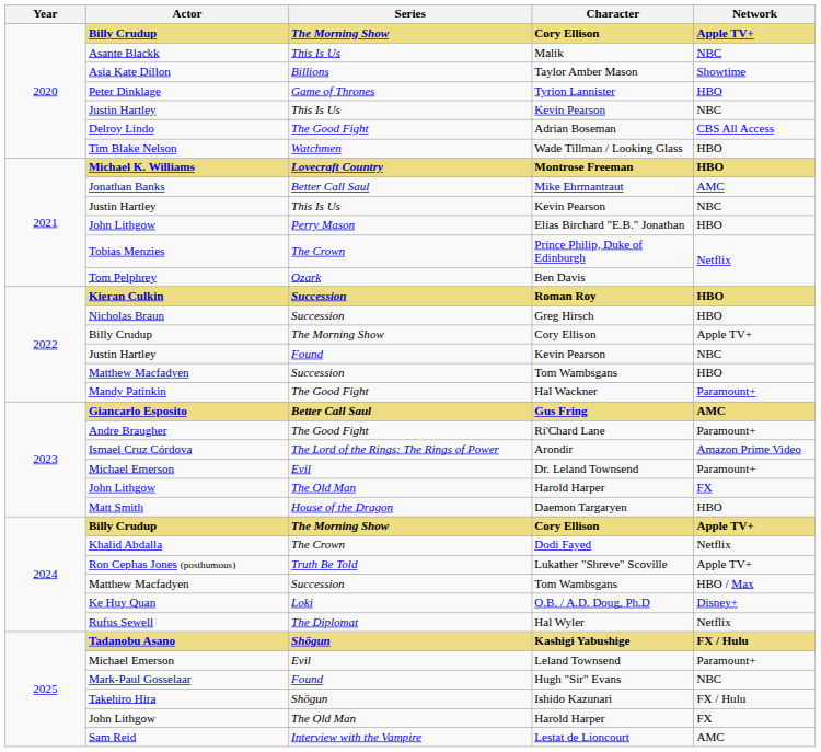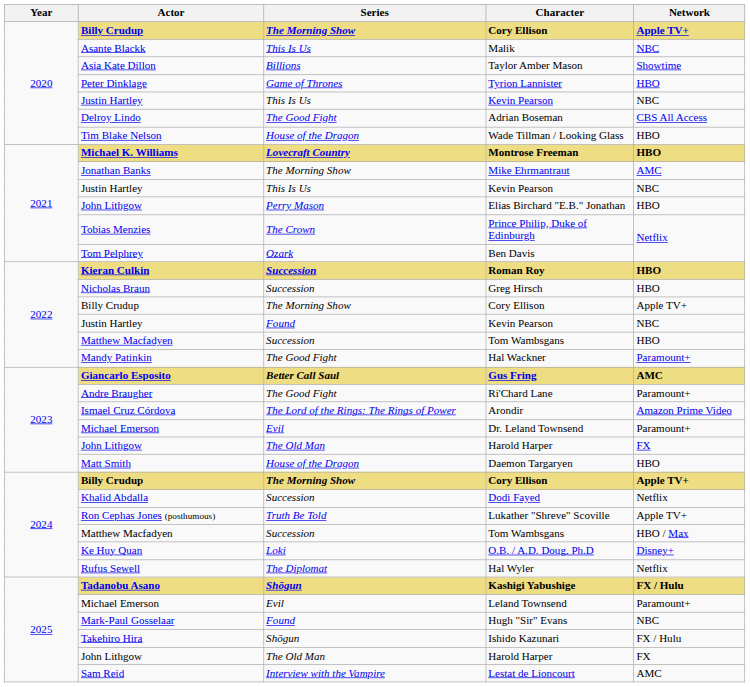 <table class="wikitable" style="width:85%">
 <tr style="background:#bebebe;">
 <th style="width:10%;">Year</th>
 <th style="wodth:25%;">Actor</th>
 <th style="width:30%;">Series</th>
 <th style="width:20%;">Character</th>
 <th style="width:15%;">Network</th>
 </tr>
 <tr>
 <td rowspan="7" style="text-align:center;"><a href='#'>2020</a><br></td>
 <td style="background:#EEDD82;"><strong><a href='#'>Billy Crudup</a></strong></td>
 <td style="background:#EEDD82;"><strong><em><a href='#'>The Morning Show</a></em></strong></td>
 <td style="background:#EEDD82;"><strong>Cory Ellison</strong></td>
 <td style="background:#EEDD82;"><strong><a href='#'>Apple TV+</a></strong></td>
 </tr>
 <tr>
 <td><a href='#'>Asante Blackk</a></td>
 <td><em><a href='#'>This Is Us</a></em></td>
 <td>Malik</td>
 <td><a href='#'>NBC</a></td>
 </tr>
 <tr>
 <td><a href='#'>Asia Kate Dillon</a></td>
 <td><em><a href='#'>Billions</a></em></td>
 <td>Taylor Amber Mason</td>
 <td><a href='#'>Showtime</a></td>
 </tr>
 <tr>
 <td><a href='#'>Peter Dinklage</a></td>
 <td><em><a href='#'>Game of Thrones</a></em></td>
 <td><a href='#'>Tyrion Lannister</a></td>
 <td><a href='#'>HBO</a></td>
 </tr>
 <tr>
 <td><a href='#'>Justin Hartley</a></td>
 <td><em>This Is Us</em></td>
 <td><a href='#'>Kevin Pearson</a></td>
 <td>NBC</td>
 </tr>
 <tr>
 <td><a href='#'>Delroy Lindo</a></td>
 <td><em><a href='#'>The Good Fight</a></em></td>
 <td>Adrian Boseman</td>
 <td><a href='#'>CBS All Access</a></td>
 </tr>
 <tr>
 <td><a href='#'>Tim Blake Nelson</a></td>
-<td><em><a href='#'>Watchmen</a></em></td>
+<td><em><a href='#'>House of the Dragon</a></em></td>
 <td>Wade Tillman / Looking Glass</td>
 <td>HBO</td>
 </tr>
 <tr>
 <td rowspan="6" style="text-align:center;"><a href='#'>2021</a><br></td>
 <td style="background:#EEDD82;"><strong><a href='#'>Michael K. Williams</a></strong></td>
 <td style="background:#EEDD82;"><strong><em><a href='#'>Lovecraft Country</a></em></strong></td>
 <td style="background:#EEDD82;"><strong>Montrose Freeman</strong></td>
 <td style="background:#EEDD82;"><strong>HBO</strong></td>
 </tr>
 <tr>
 <td><a href='#'>Jonathan Banks</a></td>
-<td><em><a href='#'>Better Call Saul</a></em></td>
+<td><em>The Morning Show</em></td>
 <td><a href='#'>Mike Ehrmantraut</a></td>
 <td><a href='#'>AMC</a></td>
 </tr>
 <tr>
 <td>Justin Hartley</td>
 <td><em>This Is Us</em></td>
 <td>Kevin Pearson</td>
 <td>NBC</td>
 </tr>
 <tr>
 <td><a href='#'>John Lithgow</a></td>
 <td><em><a href='#'>Perry Mason</a></em></td>
 <td>Elias Birchard "E.B." Jonathan</td>
 <td>HBO</td>
 </tr>
 <tr>
 <td><a href='#'>Tobias Menzies</a></td>
 <td><em><a href='#'>The Crown</a></em></td>
 <td><a href='#'>Prince Philip, Duke of Edinburgh</a></td>
 <td rowspan="2"><a href='#'>Netflix</a></td>
 </tr>
 <tr>
 <td><a href='#'>Tom Pelphrey</a></td>
 <td><em><a href='#'>Ozark</a></em></td>
 <td>Ben Davis</td>
 </tr>
 <tr>
 <td rowspan="6" style="text-align:center;"><a href='#'>2022</a><br></td>
 <td style="background:#EEDD82;"><strong><a href='#'>Kieran Culkin</a></strong></td>
 <td style="background:#EEDD82;"><strong><em><a href='#'>Succession</a></em></strong></td>
 <td style="background:#EEDD82;"><strong>Roman Roy</strong></td>
 <td style="background:#EEDD82;"><strong>HBO</strong></td>
 </tr>
 <tr>
 <td><a href='#'>Nicholas Braun</a></td>
 <td><em>Succession</em></td>
 <td>Greg Hirsch</td>
 <td>HBO</td>
 </tr>
 <tr>
 <td>Billy Crudup</td>
 <td><em>The Morning Show</em></td>
 <td>Cory Ellison</td>
 <td>Apple TV+</td>
 </tr>
 <tr>
 <td>Justin Hartley</td>
 <td><em><a href='#'>Found</a></em></td>
 <td>Kevin Pearson</td>
 <td>NBC</td>
 </tr>
 <tr>
 <td><a href='#'>Matthew Macfadyen</a></td>
 <td><em>Succession</em></td>
 <td>Tom Wambsgans</td>
 <td>HBO</td>
 </tr>
 <tr>
 <td><a href='#'>Mandy Patinkin</a></td>
 <td><em>The Good Fight</em></td>
 <td>Hal Wackner</td>
 <td><a href='#'>Paramount+</a></td>
 </tr>
 <tr>
 <td rowspan="6" style="text-align:center;"><a href='#'>2023</a><br></td>
 <td style="background:#EEDD82;"><strong><a href='#'>Giancarlo Esposito</a></strong></td>
 <td style="background:#EEDD82;"><strong><em>Better Call Saul</em></strong></td>
 <td style="background:#EEDD82;"><strong><a href='#'>Gus Fring</a></strong></td>
 <td style="background:#EEDD82;"><strong>AMC</strong></td>
 </tr>
 <tr>
 <td><a href='#'>Andre Braugher</a></td>
 <td><em>The Good Fight</em></td>
 <td>Ri'Chard Lane</td>
 <td>Paramount+</td>
 </tr>
 <tr>
 <td><a href='#'>Ismael Cruz Córdova</a></td>
 <td><em><a href='#'>The Lord of the Rings: The Rings of Power</a></em></td>
 <td>Arondir</td>
 <td><a href='#'>Amazon Prime Video</a></td>
 </tr>
 <tr>
 <td><a href='#'>Michael Emerson</a></td>
 <td><em><a href='#'>Evil</a></em></td>
 <td>Dr. Leland Townsend</td>
 <td>Paramount+</td>
 </tr>
 <tr>
 <td><a href='#'>John Lithgow</a></td>
 <td><em><a href='#'>The Old Man</a></em></td>
 <td>Harold Harper</td>
 <td><a href='#'>FX</a></td>
 </tr>
 <tr>
 <td><a href='#'>Matt Smith</a></td>
 <td><em><a href='#'>House of the Dragon</a></em></td>
 <td>Daemon Targaryen</td>
 <td>HBO</td>
 </tr>
 <tr>
 <td rowspan="6" style="text-align:center;"><a href='#'>2024</a><br></td>
 <td style="background:#EEDD82;"><strong>Billy Crudup</strong></td>
 <td style="background:#EEDD82;"><strong><em>The Morning Show</em></strong></td>
 <td style="background:#EEDD82;"><strong> Cory Ellison</strong></td>
 <td style="background:#EEDD82;"><strong>Apple TV+</strong></td>
 </tr>
 <tr>
 <td><a href='#'>Khalid Abdalla</a></td>
-<td><em>The Crown</em></td>
+<td><em>Succession</em></td>
 <td><a href='#'>Dodi Fayed</a></td>
 <td>Netflix</td>
 </tr>
 <tr>
 <td><a href='#'>Ron Cephas Jones</a> <small>(posthumous)</small></td>
 <td><em><a href='#'>Truth Be Told</a></em></td>
 <td>Lukather "Shreve" Scoville</td>
 <td>Apple TV+</td>
 </tr>
 <tr>
 <td>Matthew Macfadyen</td>
 <td><em>Succession</em></td>
 <td>Tom Wambsgans</td>
 <td>HBO / <a href='#'>Max</a></td>
 </tr>
 <tr>
 <td><a href='#'>Ke Huy Quan</a></td>
 <td><em><a href='#'>Loki</a></em></td>
 <td><a href='#'>O.B. / A.D. Doug, Ph.D</a></td>
 <td><a href='#'>Disney+</a></td>
 </tr>
 <tr>
 <td><a href='#'>Rufus Sewell</a></td>
 <td><em><a href='#'>The Diplomat</a></em></td>
 <td>Hal Wyler</td>
 <td>Netflix</td>
 </tr>
 <tr>
 <td rowspan="6" style="text-align:center;"><a href='#'>2025</a><br></td>
 <td style="background:#EEDD82;"><strong><a href='#'>Tadanobu Asano</a></strong></td>
 <td style="background:#EEDD82;"><strong><em><a href='#'>Shōgun</a></em></strong></td>
 <td style="background:#EEDD82;"><strong>Kashigi Yabushige</strong></td>
 <td style="background:#EEDD82;"><strong>FX / Hulu</strong></td>
 </tr>
 <tr>
 <td>Michael Emerson</td>
 <td><em>Evil</em></td>
 <td>Leland Townsend</td>
 <td>Paramount+</td>
 </tr>
 <tr>
 <td><a href='#'>Mark-Paul Gosselaar</a></td>
 <td><em><a href='#'>Found</a></em></td>
 <td>Hugh "Sir" Evans</td>
 <td>NBC</td>
 </tr>
 <tr>
 <td><a href='#'>Takehiro Hira</a></td>
 <td><em>Shōgun</em></td>
 <td>Ishido Kazunari</td>
 <td>FX / Hulu</td>
 </tr>
 <tr>
 <td>John Lithgow</td>
 <td><em>The Old Man</em></td>
 <td>Harold Harper</td>
 <td>FX</td>
 </tr>
 <tr>
 <td><a href='#'>Sam Reid</a></td>
 <td><em><a href='#'>Interview with the Vampire</a></em></td>
 <td><a href='#'>Lestat de Lioncourt</a></td>
 <td>AMC</td>
 </tr>
 </table>
